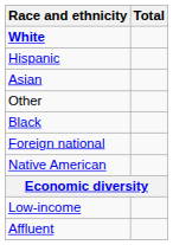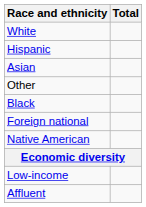 <table class="wikitable floatright sortable collapsible"; text-align:right; font-size:80%;">
 <tr>
 <th>Race and ethnicity</th>
 <th colspan="2" data-sort-type=number>Total</th>
 </tr>
 <tr>
-<td><strong><a href='#'>White</a></strong></td>
+<td><a href='#'>White</a></td>
 <td align=right></td>
 </tr>
 <tr>
 <td><a href='#'>Hispanic</a></td>
 <td align=right></td>
 </tr>
 <tr>
 <td><a href='#'>Asian</a></td>
 <td align=right></td>
 </tr>
 <tr>
 <td>Other</td>
 <td align=right></td>
 </tr>
 <tr>
 <td><a href='#'>Black</a></td>
 <td align=right></td>
 </tr>
 <tr>
 <td><a href='#'>Foreign national</a></td>
 <td align=right></td>
 </tr>
 <tr>
 <td><a href='#'>Native American</a></td>
 <td align=right></td>
 </tr>
 <tr>
 <th colspan="4" data-sort-type=number><a href='#'>Economic diversity</a></th>
 </tr>
 <tr>
 <td><a href='#'>Low-income</a></td>
 <td align=right></td>
 </tr>
 <tr>
 <td><a href='#'>Affluent</a></td>
 <td align=right></td>
 </tr>
 </table>
